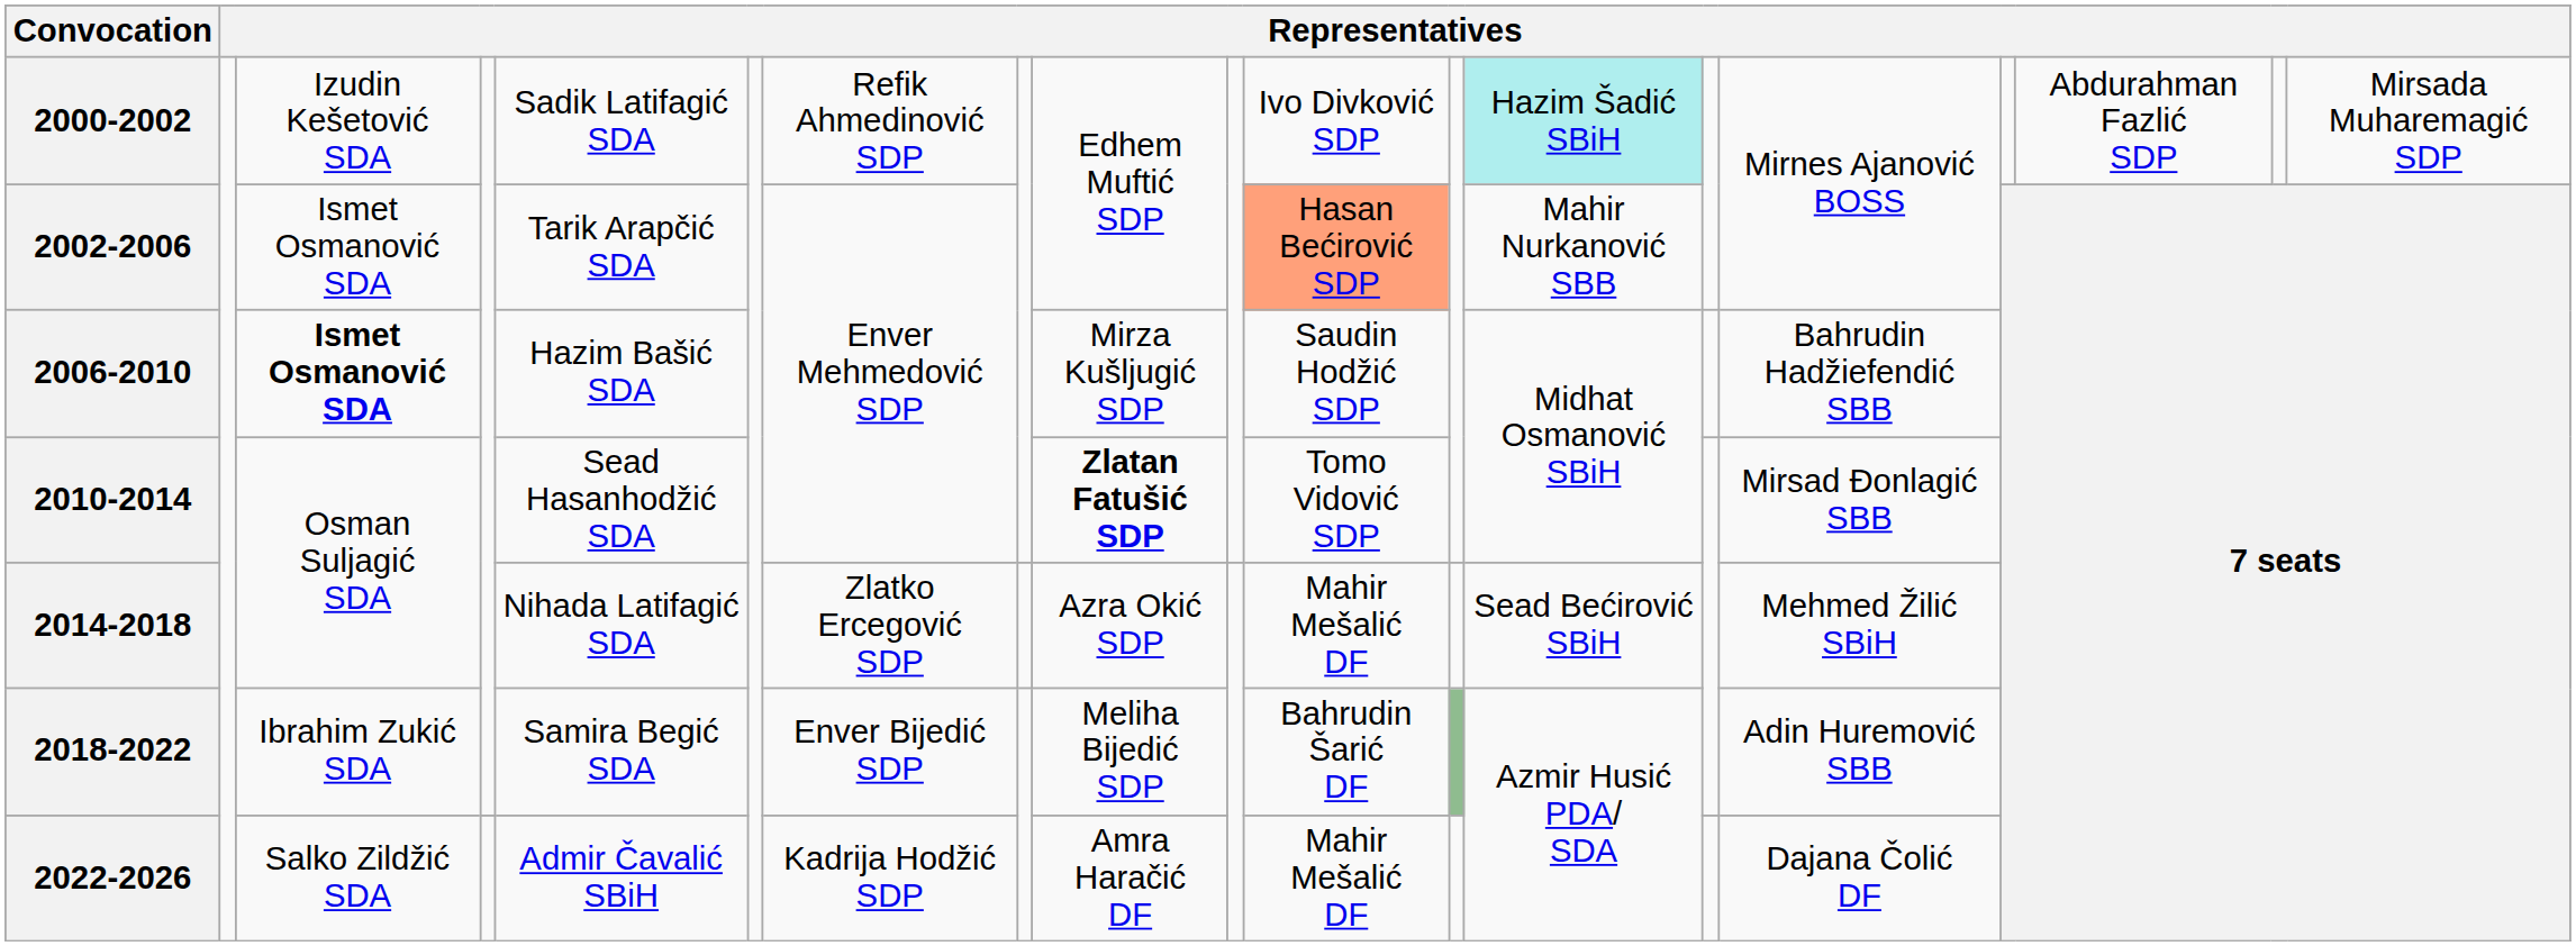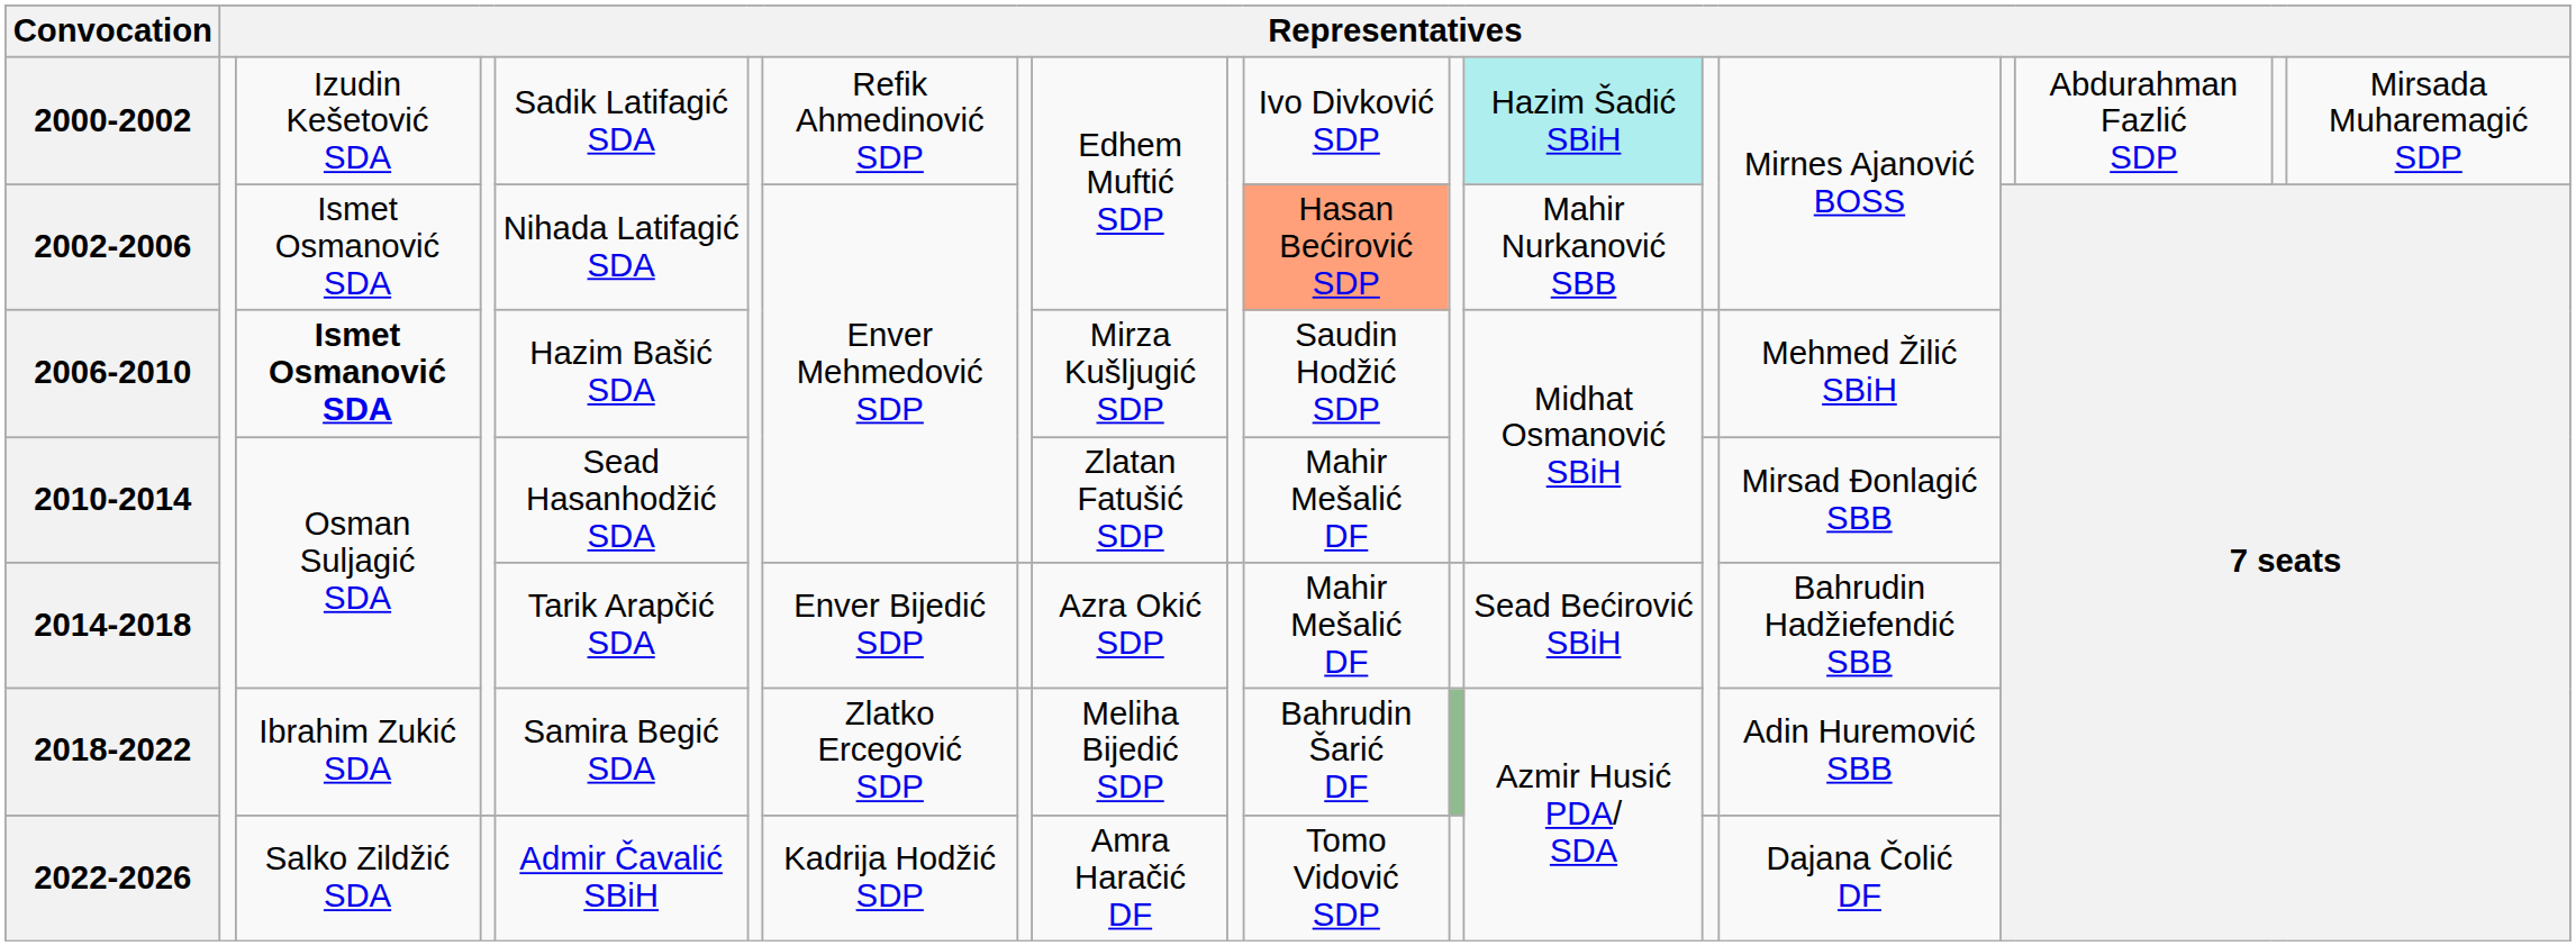 <table class="wikitable" style="text-align:center">
 <tr>
 <th>Convocation</th>
 <th colspan=18>Representatives</th>
 </tr>
 <tr>
 <th>2000-2002</th>
 <td rowspan=7; style="background-color: "></td>
 <td rowspan=1>Izudin Kešetović<br><a href='#'>SDA</a></td>
 <td rowspan=6; style="background-color: "></td>
 <td rowspan=1>Sadik Latifagić<br><a href='#'>SDA</a></td>
 <td rowspan=7; style="background-color: "></td>
 <td rowspan=1>Refik Ahmedinović<br><a href='#'>SDP</a></td>
 <td rowspan=4; style="background-color: "></td>
 <td rowspan=2>Edhem Muftić<br><a href='#'>SDP</a></td>
 <td rowspan=4; style="background-color: "></td>
 <td rowspan=1>Ivo Divković<br><a href='#'>SDP</a></td>
 <td rowspan=4; style="background-color: "></td>
 <td rowspan=1 style="background: paleturquoise;">Hazim Šadić<br><a href='#'>SBiH</a></td>
 <td rowspan=2; style="background-color: "></td>
 <td rowspan=2>Mirnes Ajanović<br><a href='#'>BOSS</a></td>
 <td rowspan=1; style="background-color: "></td>
 <td rowspan=1>Abdurahman Fazlić<br><a href='#'>SDP</a></td>
 <td rowspan=1; style="background-color: "></td>
 <td rowspan=1>Mirsada Muharemagić<br><a href='#'>SDP</a></td>
 </tr>
 <tr>
 <th>2002-2006</th>
 <td rowspan=1>Ismet Osmanović<br><a href='#'>SDA</a></td>
-<td rowspan=1>Tarik Arapčić<br><a href='#'>SDA</a></td>
+<td rowspan=1>Nihada Latifagić<br><a href='#'>SDA</a></td>
 <td rowspan=3>Enver Mehmedović<br><a href='#'>SDP</a></td>
 <td rowspan=1 style="background: lightsalmon;">Hasan Bećirović<br><a href='#'>SDP</a></td>
 <td rowspan=1>Mahir Nurkanović<br><a href='#'>SBB</a></td>
 <th colspan=4; rowspan=6>7 seats</th>
 </tr>
 <tr>
 <th>2006-2010</th>
 <td rowspan=1><strong>Ismet Osmanović<br><a href='#'>SDA</a></strong></td>
 <td rowspan=1>Hazim Bašić<br><a href='#'>SDA</a></td>
 <td rowspan=1>Mirza Kušljugić<br><a href='#'>SDP</a></td>
 <td rowspan=1>Saudin Hodžić<br><a href='#'>SDP</a></td>
 <td rowspan=2>Midhat Osmanović<br><a href='#'>SBiH</a></td>
 <td rowspan=1; style="background-color: "></td>
-<td rowspan=1>Bahrudin Hadžiefendić<br><a href='#'>SBB</a></td>
+<td rowspan=1>Mehmed Žilić<br><a href='#'>SBiH</a></td>
 </tr>
 <tr>
 <th>2010-2014</th>
 <td rowspan=2>Osman Suljagić<br><a href='#'>SDA</a></td>
 <td rowspan=1>Sead Hasanhodžić<br><a href='#'>SDA</a></td>
-<td rowspan=1><strong>Zlatan Fatušić<br><a href='#'>SDP</a></strong></td>
-<td rowspan=1>Tomo Vidović<br><a href='#'>SDP</a></td>
+<td rowspan=1>Zlatan Fatušić<br><a href='#'>SDP</a></td>
+<td rowspan=1>Mahir Mešalić<br><a href='#'>DF</a></td>
 <td rowspan=3; style="background-color: "></td>
 <td rowspan=1>Mirsad Đonlagić<br><a href='#'>SBB</a></td>
 </tr>
 <tr>
 <th>2014-2018</th>
-<td rowspan=1>Nihada Latifagić<br><a href='#'>SDA</a></td>
-<td rowspan=1>Zlatko Ercegović<br><a href='#'>SDP</a></td>
+<td rowspan=1>Tarik Arapčić<br><a href='#'>SDA</a></td>
+<td rowspan=1>Enver Bijedić<br><a href='#'>SDP</a></td>
 <td rowspan=1; style="background-color: "></td>
 <td rowspan=1>Azra Okić<br><a href='#'>SDP</a></td>
 <td rowspan=3; style="background-color: "></td>
 <td rowspan=1>Mahir Mešalić<br><a href='#'>DF</a></td>
 <td rowspan=1; style="background-color: "></td>
 <td rowspan=1>Sead Bećirović<br><a href='#'>SBiH</a></td>
-<td rowspan=1>Mehmed Žilić<br><a href='#'>SBiH</a></td>
+<td rowspan=1>Bahrudin Hadžiefendić<br><a href='#'>SBB</a></td>
 </tr>
 <tr>
 <th>2018-2022</th>
 <td rowspan=1>Ibrahim Zukić<br><a href='#'>SDA</a></td>
 <td rowspan=1>Samira Begić<br><a href='#'>SDA</a></td>
-<td rowspan=1>Enver Bijedić<br><a href='#'>SDP</a></td>
+<td rowspan=1>Zlatko Ercegović<br><a href='#'>SDP</a></td>
 <td rowspan=2; style="background-color: "></td>
 <td rowspan=1>Meliha Bijedić<br><a href='#'>SDP</a></td>
 <td rowspan=1>Bahrudin Šarić<br><a href='#'>DF</a></td>
 <td rowspan=1; style="background-color: #8fbc8f"></td>
 <td rowspan=2>Azmir Husić<br><a href='#'>PDA</a>/<br><a href='#'>SDA</a></td>
 <td rowspan=1>Adin Huremović<br><a href='#'>SBB</a></td>
 </tr>
 <tr>
 <th>2022-2026</th>
 <td rowspan=1>Salko Zildžić<br><a href='#'>SDA</a></td>
 <td rowspan=1; style="background-color: "></td>
 <td rowspan=1><a href='#'>Admir Čavalić</a><br><a href='#'>SBiH</a></td>
 <td rowspan=1>Kadrija Hodžić<br><a href='#'>SDP</a></td>
 <td rowspan=1>Amra Haračić<br><a href='#'>DF</a></td>
-<td rowspan=1>Mahir Mešalić<br><a href='#'>DF</a></td>
+<td rowspan=1>Tomo Vidović<br><a href='#'>SDP</a></td>
 <td rowspan=1; style="background-color: "></td>
 <td rowspan=1; style="background-color: "></td>
 <td rowspan=1>Dajana Čolić<br><a href='#'>DF</a></td>
 </tr>
 </table>
